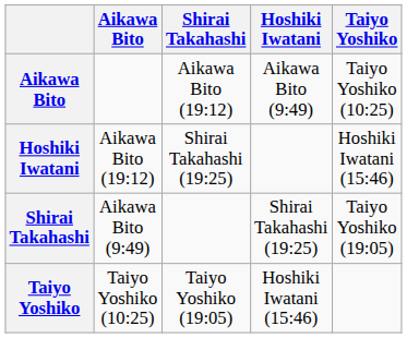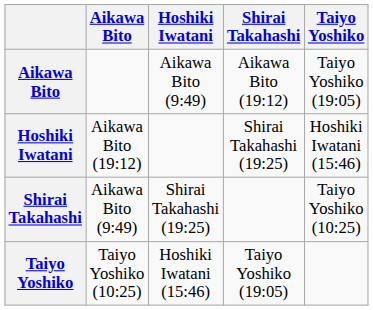 <table class="wikitable" style="text-align:center; margin: 1em auto 1em auto;" width="25%">
 <tr>
 <th></th>
 <th><a href='#'>Aikawa</a><br><a href='#'>Bito</a></th>
+<th><a href='#'>Hoshiki</a><br><a href='#'>Iwatani</a></th>
 <th><a href='#'>Shirai</a><br><a href='#'>Takahashi</a></th>
-<th><a href='#'>Hoshiki</a><br><a href='#'>Iwatani</a></th>
 <th><a href='#'>Taiyo</a><br><a href='#'>Yoshiko</a></th>
 </tr>
 <tr>
 <th><a href='#'>Aikawa</a><br><a href='#'>Bito</a></th>
 <td></td>
+<td>Aikawa<br>Bito<br>(9:49)</td>
 <td>Aikawa<br>Bito<br>(19:12)</td>
-<td>Aikawa<br>Bito<br>(9:49)</td>
-<td>Taiyo<br>Yoshiko<br>(10:25)</td>
+<td>Taiyo<br>Yoshiko<br>(19:05)</td>
 </tr>
 <tr>
 <th><a href='#'>Hoshiki</a><br><a href='#'>Iwatani</a></th>
 <td>Aikawa<br>Bito<br>(19:12)</td>
+<td></td>
 <td>Shirai<br>Takahashi<br>(19:25)</td>
-<td></td>
 <td>Hoshiki<br>Iwatani<br>(15:46)</td>
 </tr>
 <tr>
 <th><a href='#'>Shirai</a><br><a href='#'>Takahashi</a></th>
 <td>Aikawa<br>Bito<br>(9:49)</td>
+<td>Shirai<br>Takahashi<br>(19:25)</td>
 <td></td>
-<td>Shirai<br>Takahashi<br>(19:25)</td>
-<td>Taiyo<br>Yoshiko<br>(19:05)</td>
+<td>Taiyo<br>Yoshiko<br>(10:25)</td>
 </tr>
 <tr>
 <th><a href='#'>Taiyo</a><br><a href='#'>Yoshiko</a></th>
 <td>Taiyo<br>Yoshiko<br>(10:25)</td>
+<td>Hoshiki<br>Iwatani<br>(15:46)</td>
 <td>Taiyo<br>Yoshiko<br>(19:05)</td>
-<td>Hoshiki<br>Iwatani<br>(15:46)</td>
 <td></td>
 </tr>
 </table>
